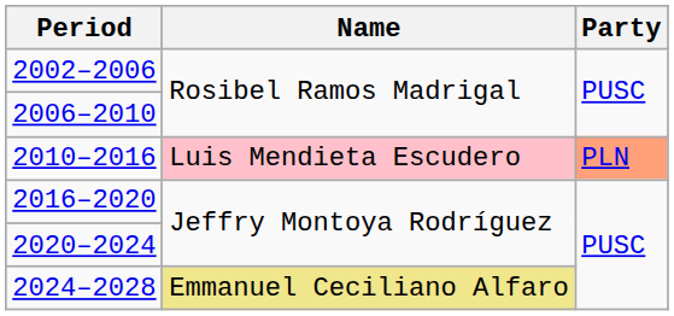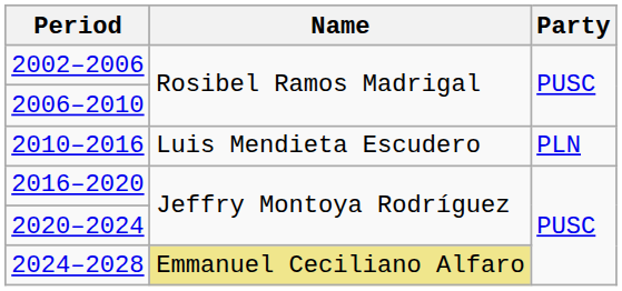 <table class="wikitable" style="margin:auto">
 <tr>
 <th>Period</th>
 <th>Name</th>
 <th>Party</th>
 </tr>
 <tr>
 <td><a href='#'>2002–2006</a></td>
 <td rowspan="2">Rosibel Ramos Madrigal</td>
 <td rowspan="2"> <a href='#'>PUSC</a></td>
 </tr>
 <tr>
 <td><a href='#'>2006–2010</a></td>
 </tr>
 <tr>
 <td><a href='#'>2010–2016</a></td>
-<td style="background: pink;">Luis Mendieta Escudero</td>
-<td style="background: lightsalmon;"> <a href='#'>PLN</a></td>
+<td>Luis Mendieta Escudero</td>
+<td> <a href='#'>PLN</a></td>
 </tr>
 <tr>
 <td><a href='#'>2016–2020</a></td>
 <td rowspan="2">Jeffry Montoya Rodríguez</td>
 <td rowspan="3"> <a href='#'>PUSC</a></td>
 </tr>
 <tr>
 <td><a href='#'>2020–2024</a></td>
 </tr>
 <tr>
 <td><a href='#'>2024–2028</a></td>
 <td style="background: khaki;">Emmanuel Ceciliano Alfaro</td>
 </tr>
 </table>
